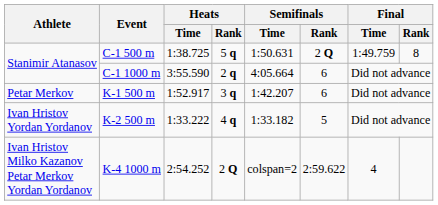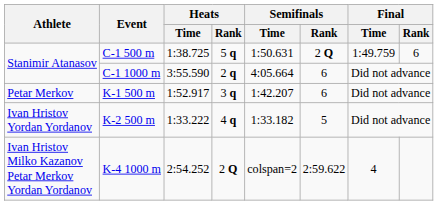 <table class="wikitable" style="font-size:90%">
 <tr>
 <th rowspan=2>Athlete</th>
 <th rowspan=2>Event</th>
 <th colspan=2>Heats</th>
 <th colspan=2>Semifinals</th>
 <th colspan=2>Final</th>
 </tr>
 <tr style="font-size:95%">
 <th>Time</th>
 <th>Rank</th>
 <th>Time</th>
 <th>Rank</th>
 <th>Time</th>
 <th>Rank</th>
 </tr>
 <tr align=center>
 <td align=left rowspan=2><a href='#'>Stanimir Atanasov</a></td>
 <td align=left><a href='#'>C-1 500 m</a></td>
 <td>1:38.725</td>
 <td>5 <strong>q</strong></td>
 <td>1:50.631</td>
 <td>2 <strong>Q</strong></td>
 <td>1:49.759</td>
-<td>8</td>
+<td>6</td>
 </tr>
 <tr align=center>
 <td align=left><a href='#'>C-1 1000 m</a></td>
 <td>3:55.590</td>
 <td>2 <strong>q</strong></td>
 <td>4:05.664</td>
 <td>6</td>
 <td colspan=2>Did not advance</td>
 </tr>
 <tr align=center>
 <td align=left><a href='#'>Petar Merkov</a></td>
 <td align=left><a href='#'>K-1 500 m</a></td>
 <td>1:52.917</td>
 <td>3 <strong>q</strong></td>
 <td>1:42.207</td>
 <td>6</td>
 <td colspan=2>Did not advance</td>
 </tr>
 <tr align=center>
 <td align=left><a href='#'>Ivan Hristov</a><br><a href='#'>Yordan Yordanov</a></td>
 <td align=left><a href='#'>K-2 500 m</a></td>
 <td>1:33.222</td>
 <td>4 <strong>q</strong></td>
 <td>1:33.182</td>
 <td>5</td>
 <td colspan=2>Did not advance</td>
 </tr>
 <tr align=center>
 <td align=left><a href='#'>Ivan Hristov</a><br><a href='#'>Milko Kazanov</a><br><a href='#'>Petar Merkov</a><br><a href='#'>Yordan Yordanov</a></td>
 <td align=left><a href='#'>K-4 1000 m</a></td>
 <td>2:54.252</td>
 <td>2 <strong>Q</strong></td>
 <td>colspan=2 </td>
 <td>2:59.622</td>
 <td>4</td>
 </tr>
 </table>
